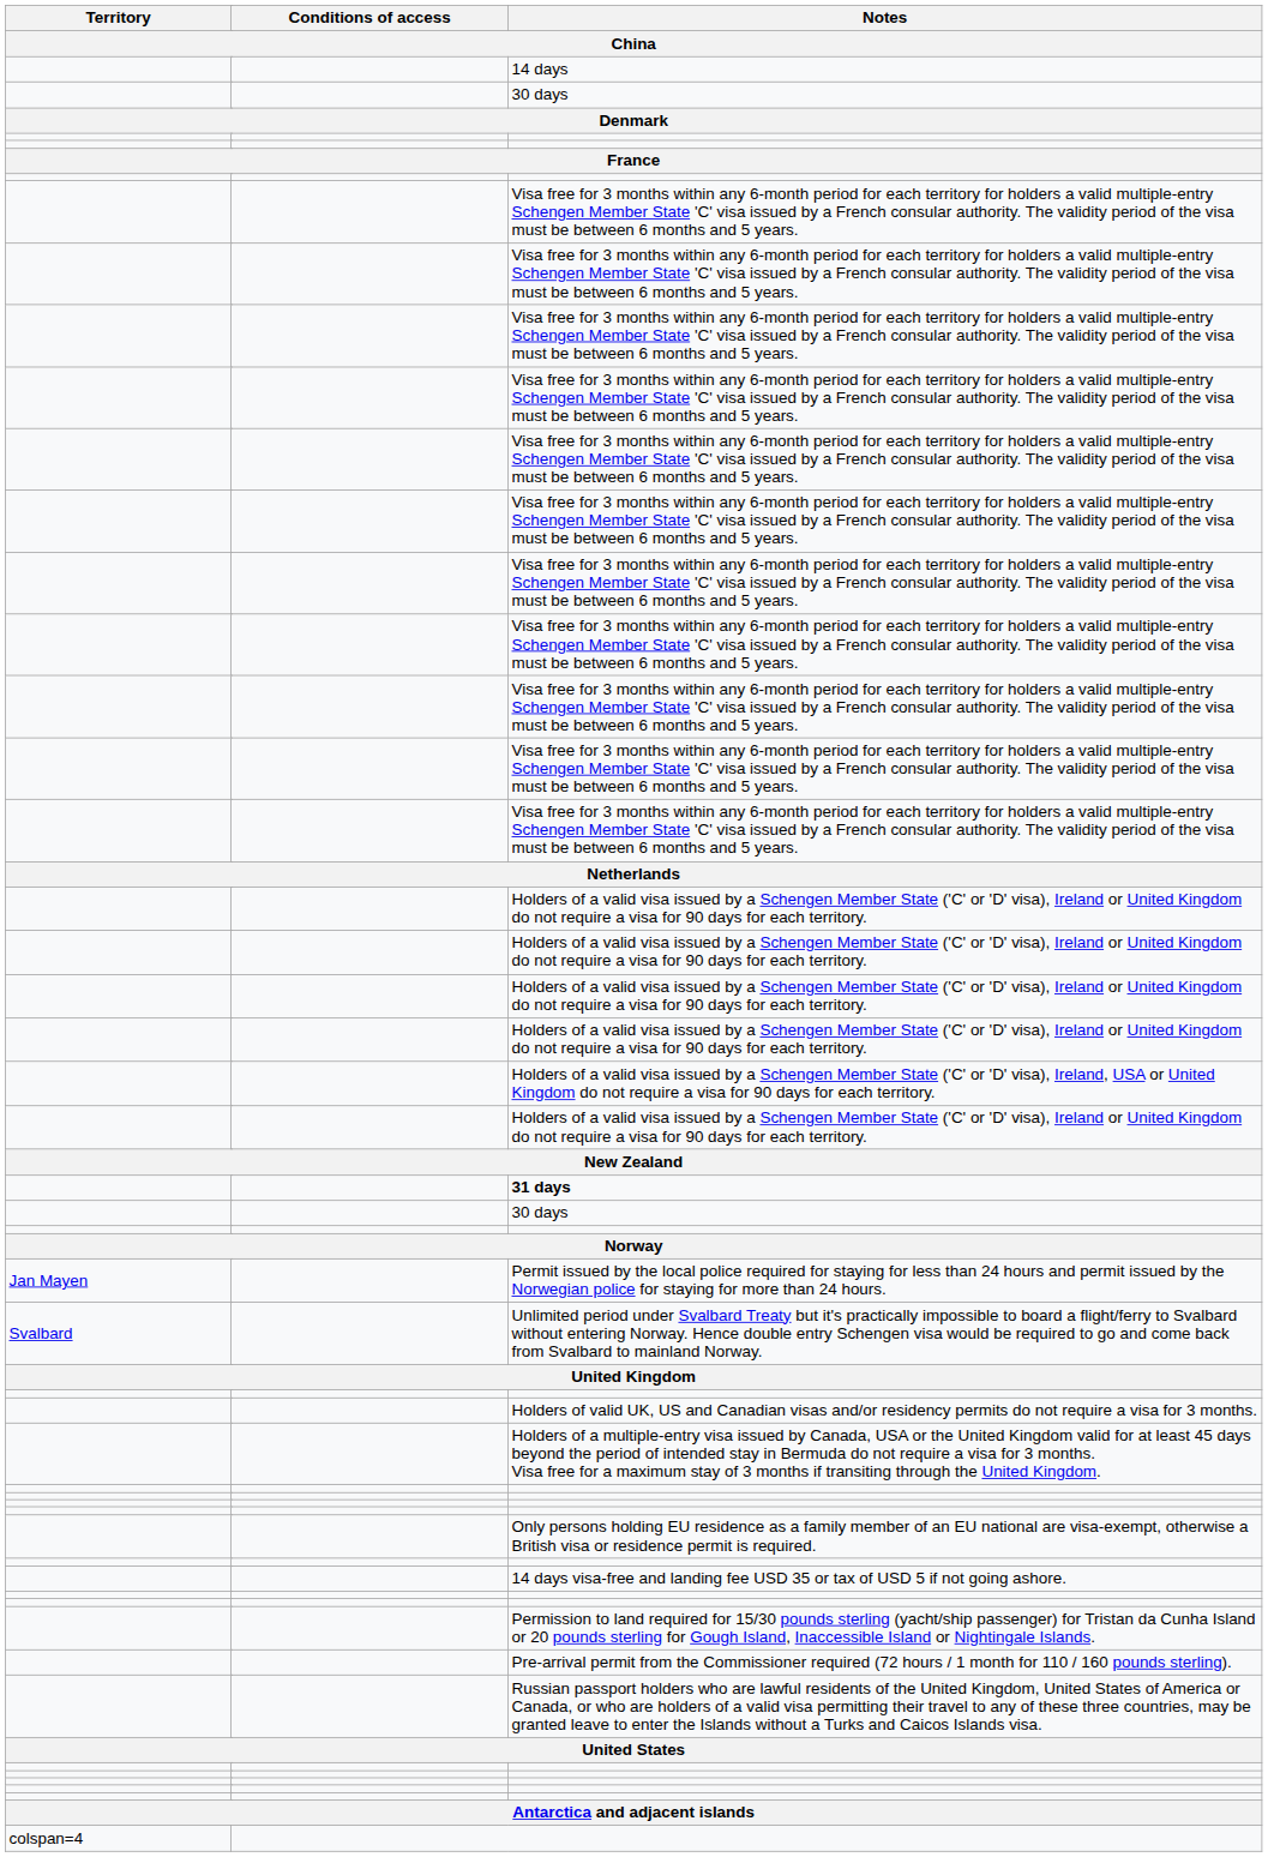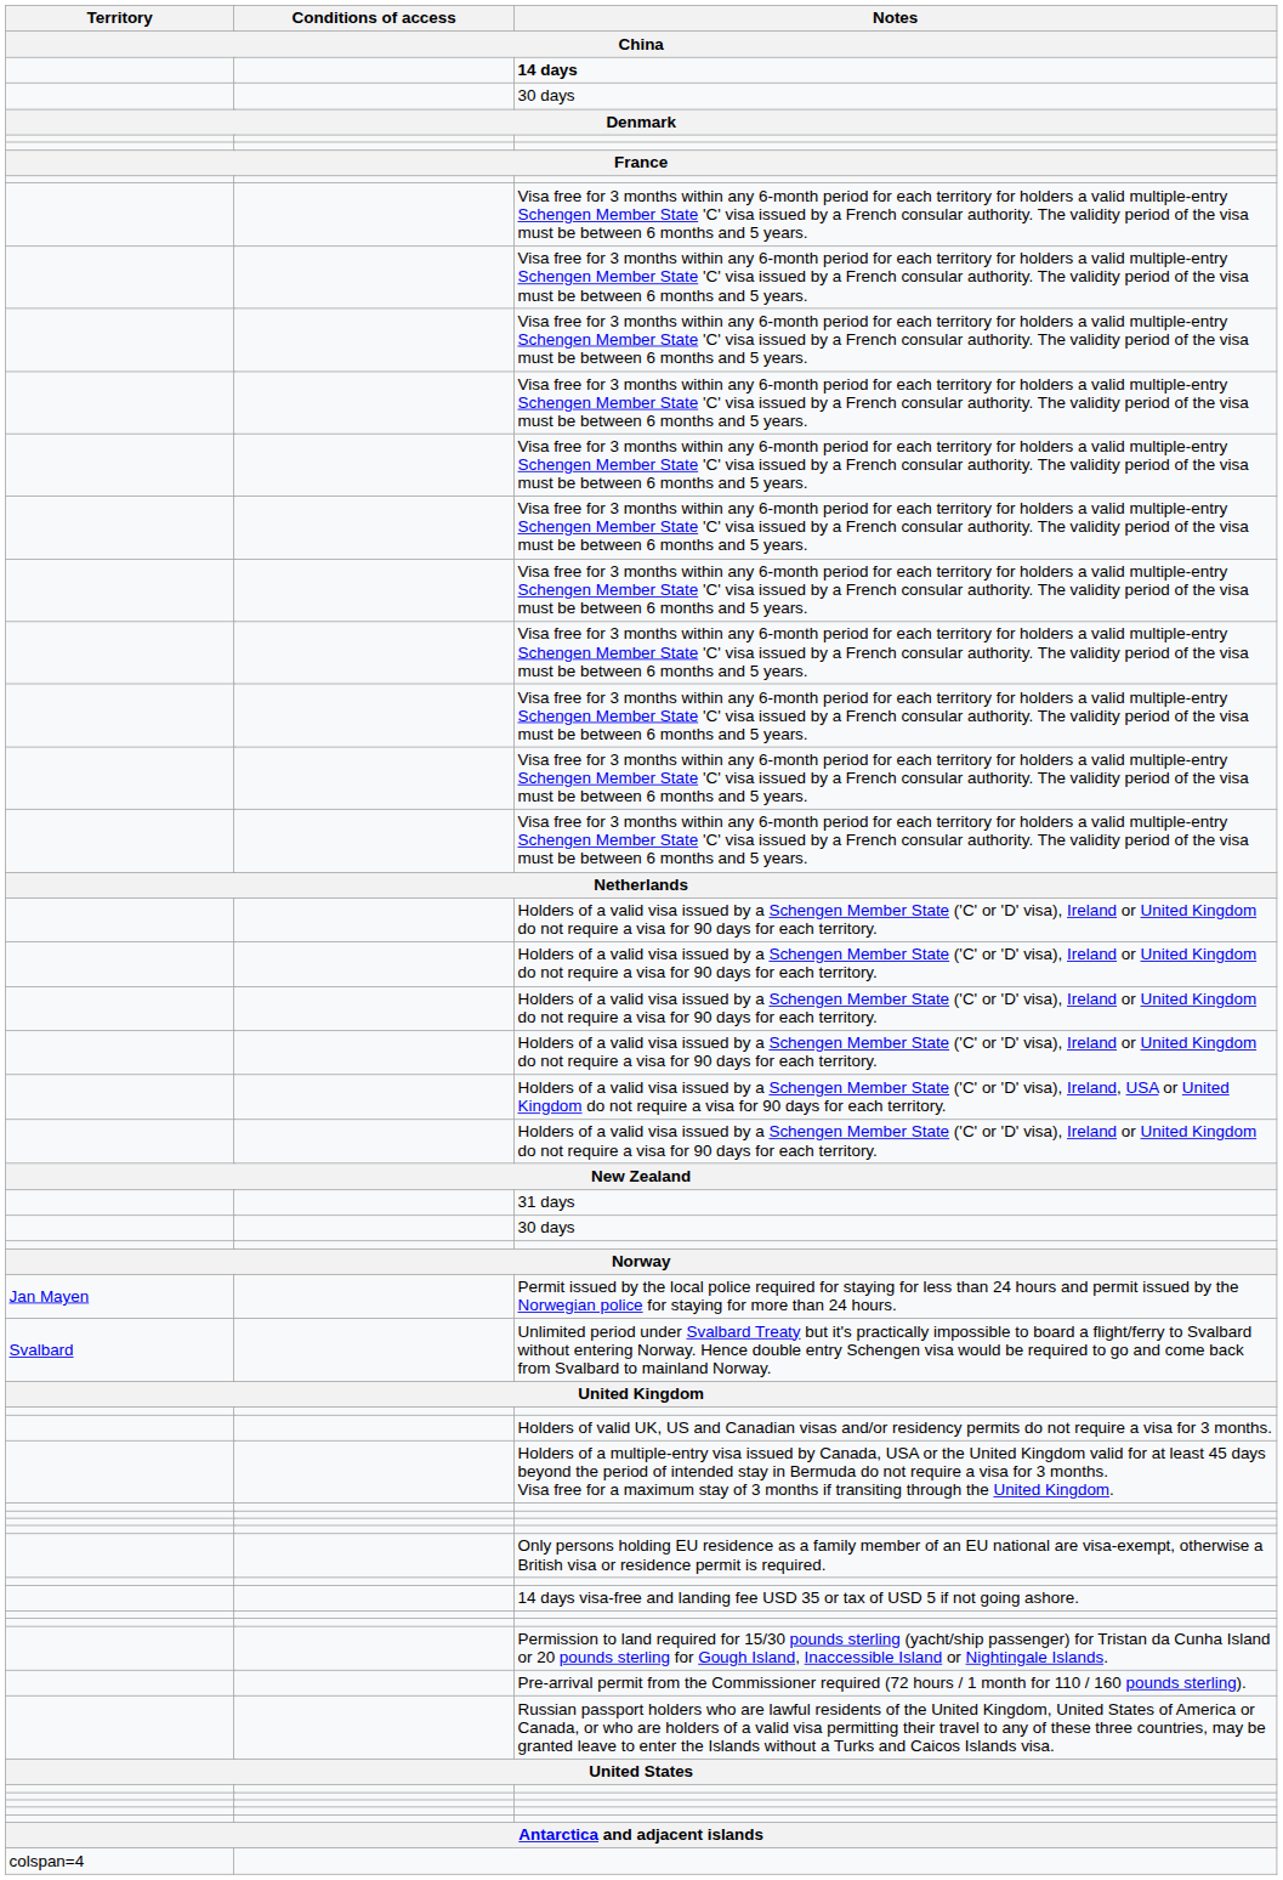 <table class="wikitable sortable sticky-header mw-datatable" style="text-align: left; table-layout: fixed;background:#f8f9faff;">
 <tr>
 <th colspan="2" style="width:18%;">Territory</th>
 <th style="width:22%;">Conditions of access</th>
 <th>Notes</th>
 </tr>
 <tr>
 <th colspan="4">China</th>
 </tr>
 <tr>
 <td colspan=2></td>
 <td></td>
-<td>14 days</td>
+<td><strong>14 days</strong></td>
 </tr>
 <tr>
 <td colspan=2></td>
 <td></td>
 <td>30 days</td>
 </tr>
 <tr>
 <th colspan="4">Denmark</th>
 </tr>
 <tr>
 <td colspan=2></td>
 <td></td>
 <td></td>
 </tr>
 <tr>
 <td colspan=2></td>
 <td></td>
 <td></td>
 </tr>
 <tr>
 <th colspan="4">France</th>
 </tr>
 <tr>
 <td colspan=2></td>
 <td></td>
 <td></td>
 </tr>
 <tr>
 <td colspan=2></td>
 <td></td>
 <td>Visa free for 3 months within any 6-month period for each territory for holders a valid multiple-entry <a href='#'>Schengen Member State</a> 'C' visa issued by a French consular authority. The validity period of the visa must be between 6 months and 5 years.</td>
 </tr>
 <tr>
 <td colspan=2></td>
 <td></td>
 <td>Visa free for 3 months within any 6-month period for each territory for holders a valid multiple-entry <a href='#'>Schengen Member State</a> 'C' visa issued by a French consular authority. The validity period of the visa must be between 6 months and 5 years.</td>
 </tr>
 <tr>
 <td colspan=2></td>
 <td></td>
 <td>Visa free for 3 months within any 6-month period for each territory for holders a valid multiple-entry <a href='#'>Schengen Member State</a> 'C' visa issued by a French consular authority. The validity period of the visa must be between 6 months and 5 years.</td>
 </tr>
 <tr>
 <td colspan=2></td>
 <td></td>
 <td>Visa free for 3 months within any 6-month period for each territory for holders a valid multiple-entry <a href='#'>Schengen Member State</a> 'C' visa issued by a French consular authority. The validity period of the visa must be between 6 months and 5 years.</td>
 </tr>
 <tr>
 <td colspan=2></td>
 <td></td>
 <td>Visa free for 3 months within any 6-month period for each territory for holders a valid multiple-entry <a href='#'>Schengen Member State</a> 'C' visa issued by a French consular authority. The validity period of the visa must be between 6 months and 5 years.</td>
 </tr>
 <tr>
 <td colspan=2></td>
 <td></td>
 <td>Visa free for 3 months within any 6-month period for each territory for holders a valid multiple-entry <a href='#'>Schengen Member State</a> 'C' visa issued by a French consular authority. The validity period of the visa must be between 6 months and 5 years.</td>
 </tr>
 <tr>
 <td colspan=2></td>
 <td></td>
 <td>Visa free for 3 months within any 6-month period for each territory for holders a valid multiple-entry <a href='#'>Schengen Member State</a> 'C' visa issued by a French consular authority. The validity period of the visa must be between 6 months and 5 years.</td>
 </tr>
 <tr>
 <td colspan=2></td>
 <td></td>
 <td>Visa free for 3 months within any 6-month period for each territory for holders a valid multiple-entry <a href='#'>Schengen Member State</a> 'C' visa issued by a French consular authority. The validity period of the visa must be between 6 months and 5 years.</td>
 </tr>
 <tr>
 <td colspan=2></td>
 <td></td>
 <td>Visa free for 3 months within any 6-month period for each territory for holders a valid multiple-entry <a href='#'>Schengen Member State</a> 'C' visa issued by a French consular authority. The validity period of the visa must be between 6 months and 5 years.</td>
 </tr>
 <tr>
 <td colspan=2></td>
 <td></td>
 <td>Visa free for 3 months within any 6-month period for each territory for holders a valid multiple-entry <a href='#'>Schengen Member State</a> 'C' visa issued by a French consular authority. The validity period of the visa must be between 6 months and 5 years.</td>
 </tr>
 <tr>
 <td colspan=2></td>
 <td></td>
 <td>Visa free for 3 months within any 6-month period for each territory for holders a valid multiple-entry <a href='#'>Schengen Member State</a> 'C' visa issued by a French consular authority. The validity period of the visa must be between 6 months and 5 years.</td>
 </tr>
 <tr>
 <th colspan="4">Netherlands</th>
 </tr>
 <tr>
 <td colspan=2></td>
 <td></td>
 <td>Holders of a valid visa issued by a <a href='#'>Schengen Member State</a> ('C' or 'D' visa), <a href='#'>Ireland</a> or <a href='#'>United Kingdom</a> do not require a visa for 90 days for each territory.</td>
 </tr>
 <tr>
 <td colspan=2></td>
 <td></td>
 <td>Holders of a valid visa issued by a <a href='#'>Schengen Member State</a> ('C' or 'D' visa), <a href='#'>Ireland</a> or <a href='#'>United Kingdom</a> do not require a visa for 90 days for each territory.</td>
 </tr>
 <tr>
 <td colspan=2></td>
 <td></td>
 <td>Holders of a valid visa issued by a <a href='#'>Schengen Member State</a> ('C' or 'D' visa), <a href='#'>Ireland</a> or <a href='#'>United Kingdom</a> do not require a visa for 90 days for each territory.</td>
 </tr>
 <tr>
 <td colspan=2></td>
 <td></td>
 <td>Holders of a valid visa issued by a <a href='#'>Schengen Member State</a> ('C' or 'D' visa), <a href='#'>Ireland</a> or <a href='#'>United Kingdom</a> do not require a visa for 90 days for each territory.</td>
 </tr>
 <tr>
 <td colspan=2></td>
 <td></td>
 <td>Holders of a valid visa issued by a <a href='#'>Schengen Member State</a> ('C' or 'D' visa), <a href='#'>Ireland</a>, <a href='#'>USA</a> or <a href='#'>United Kingdom</a> do not require a visa for 90 days for each territory.</td>
 </tr>
 <tr>
 <td colspan=2></td>
 <td></td>
 <td>Holders of a valid visa issued by a <a href='#'>Schengen Member State</a> ('C' or 'D' visa), <a href='#'>Ireland</a> or <a href='#'>United Kingdom</a> do not require a visa for 90 days for each territory.</td>
 </tr>
 <tr>
 <th colspan="4">New Zealand</th>
 </tr>
 <tr>
 <td colspan=2></td>
 <td></td>
-<td><strong>31 days</strong></td>
+<td>31 days</td>
 </tr>
 <tr>
 <td colspan=2></td>
 <td></td>
 <td>30 days</td>
 </tr>
 <tr>
 <td colspan=2></td>
 <td></td>
 <td></td>
 </tr>
 <tr>
 <th colspan="4">Norway</th>
 </tr>
 <tr>
 <td colspan=2> <a href='#'>Jan Mayen</a></td>
 <td></td>
 <td>Permit issued by the local police required for staying for less than 24 hours and permit issued by the <a href='#'>Norwegian police</a> for staying for more than 24 hours.</td>
 </tr>
 <tr>
 <td colspan=2> <a href='#'>Svalbard</a></td>
 <td></td>
 <td>Unlimited period under <a href='#'>Svalbard Treaty</a> but it's practically impossible to board a flight/ferry to Svalbard without entering Norway. Hence double entry Schengen visa would be required to go and come back from Svalbard to mainland Norway.</td>
 </tr>
 <tr>
 <th colspan="4">United Kingdom</th>
 </tr>
 <tr>
 <td colspan=2></td>
 <td></td>
 <td></td>
 </tr>
 <tr>
 <td colspan=2></td>
 <td></td>
 <td>Holders of valid UK, US and Canadian visas and/or residency permits do not require a visa for 3 months.</td>
 </tr>
 <tr>
 <td colspan=2></td>
 <td></td>
 <td>Holders of a multiple-entry visa issued by Canada, USA or the United Kingdom valid for at least 45 days beyond the period of intended stay in Bermuda do not require a visa for 3 months. <br> Visa free for a maximum stay of 3 months if transiting through the <a href='#'>United Kingdom</a>.</td>
 </tr>
 <tr>
 <td colspan=2></td>
 <td></td>
 <td></td>
 </tr>
 <tr>
 <td colspan=2></td>
 <td></td>
 <td></td>
 </tr>
 <tr>
 <td colspan=2></td>
 <td></td>
 <td></td>
 </tr>
 <tr>
 <td colspan=2></td>
 <td></td>
 <td></td>
 </tr>
 <tr>
 <td colspan=2></td>
 <td></td>
 <td>Only persons holding EU residence as a family member of an EU national are visa-exempt, otherwise a British visa or residence permit is required. <br></td>
 </tr>
 <tr>
 <td colspan=2></td>
 <td></td>
 <td></td>
 </tr>
 <tr>
 <td colspan=2></td>
 <td></td>
 <td>14 days visa-free and landing fee USD 35 or tax of USD 5 if not going ashore.</td>
 </tr>
 <tr>
 <td colspan=2></td>
 <td></td>
 <td></td>
 </tr>
 <tr>
 <td colspan=2></td>
 <td></td>
 <td></td>
 </tr>
 <tr>
 <td colspan=2></td>
 <td></td>
 <td>Permission to land required for 15/30 <a href='#'>pounds sterling</a> (yacht/ship passenger) for Tristan da Cunha Island or 20 <a href='#'>pounds sterling</a> for <a href='#'>Gough Island</a>, <a href='#'>Inaccessible Island</a> or <a href='#'>Nightingale Islands</a>.</td>
 </tr>
 <tr>
 <td colspan=2></td>
 <td></td>
 <td>Pre-arrival permit from the Commissioner required (72 hours / 1 month for 110 / 160 <a href='#'>pounds sterling</a>).</td>
 </tr>
 <tr>
 <td colspan=2></td>
 <td></td>
 <td>Russian passport holders who are lawful residents of the United Kingdom, United States of America or Canada, or who are holders of a valid visa permitting their travel to any of these three countries, may be granted leave to enter the Islands without a Turks and Caicos Islands visa.</td>
 </tr>
 <tr>
 <th colspan="4">United States</th>
 </tr>
 <tr>
 <td colspan=2></td>
 <td></td>
 <td></td>
 </tr>
 <tr>
 <td colspan=2></td>
 <td></td>
 <td></td>
 </tr>
 <tr>
 <td colspan=2></td>
 <td></td>
 <td></td>
 </tr>
 <tr>
 <td colspan=2></td>
 <td></td>
 <td></td>
 </tr>
 <tr>
 <td colspan=2></td>
 <td></td>
 <td></td>
 </tr>
 <tr>
 <th colspan=4><a href='#'>Antarctica</a> and adjacent islands</th>
 </tr>
 <tr>
 <td>colspan=4 </td>
 </tr>
 </table>
